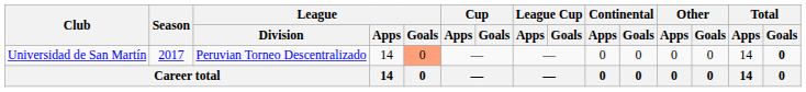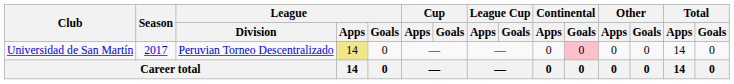 <table class="wikitable" style="text-align: center">
 <tr>
 <th rowspan="2">Club</th>
 <th rowspan="2">Season</th>
 <th colspan="3">League</th>
 <th colspan="2">Cup</th>
 <th colspan="2">League Cup</th>
 <th colspan="2">Continental</th>
 <th colspan="2">Other</th>
 <th colspan="2">Total</th>
 </tr>
 <tr>
 <th>Division</th>
 <th>Apps</th>
 <th>Goals</th>
 <th>Apps</th>
 <th>Goals</th>
 <th>Apps</th>
 <th>Goals</th>
 <th>Apps</th>
 <th>Goals</th>
 <th>Apps</th>
 <th>Goals</th>
 <th>Apps</th>
 <th>Goals</th>
 </tr>
 <tr>
 <td><a href='#'>Universidad de San Martín</a></td>
 <td><a href='#'>2017</a></td>
 <td><a href='#'>Peruvian Torneo Descentralizado</a></td>
-<td>14</td>
-<td style="background: lightsalmon;">0</td>
+<td style="background: khaki;">14</td>
+<td>0</td>
 <td colspan="2">—</td>
 <td colspan="2">—</td>
 <td>0</td>
-<td>0</td>
+<td style="background: pink;">0</td>
 <td>0</td>
 <td>0</td>
 <td>14</td>
-<td><strong>0</strong></td>
+<td>0</td>
 </tr>
 <tr>
 <th colspan="3">Career total</th>
 <th>14</th>
 <th>0</th>
 <th colspan="2">—</th>
 <th colspan="2">—</th>
 <th>0</th>
 <th>0</th>
 <th>0</th>
 <th>0</th>
 <th>14</th>
 <th>0</th>
 </tr>
 </table>
